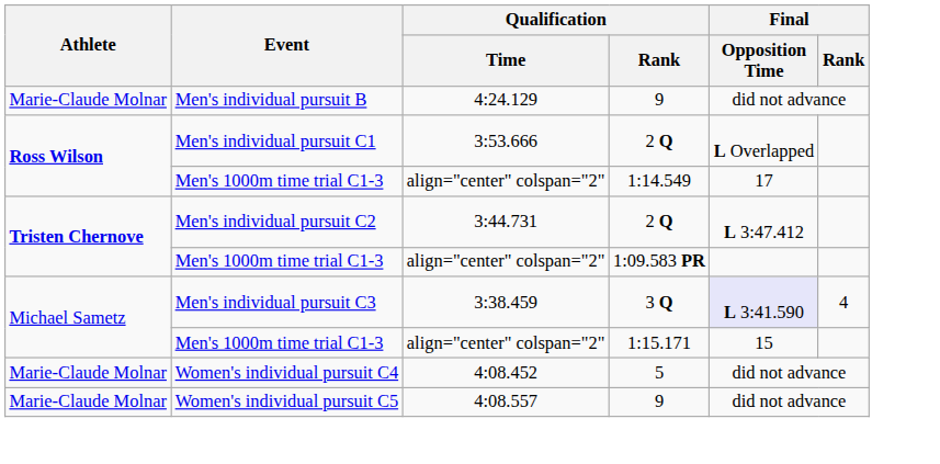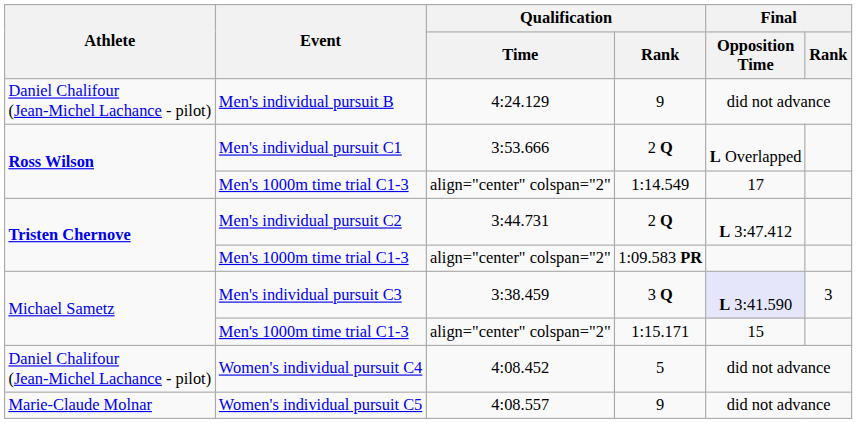 <table class=wikitable style="font-size:90%">
 <tr>
 <th rowspan="2">Athlete</th>
 <th rowspan="2">Event</th>
 <th colspan="2">Qualification</th>
 <th colspan="2">Final</th>
 </tr>
 <tr>
 <th>Time</th>
 <th>Rank</th>
 <th>Opposition<br>Time</th>
 <th>Rank</th>
 </tr>
 <tr>
-<td><a href='#'>Marie-Claude Molnar</a></td>
+<td><a href='#'>Daniel Chalifour</a> <br> (<a href='#'>Jean-Michel Lachance</a> - pilot)</td>
 <td><a href='#'>Men's individual pursuit B</a></td>
 <td align="center">4:24.129</td>
 <td align="center">9</td>
 <td align="center" colspan="2">did not advance</td>
 </tr>
 <tr>
 <td rowspan="2"><strong><a href='#'>Ross Wilson</a></strong></td>
 <td><a href='#'>Men's individual pursuit C1</a></td>
 <td align="center">3:53.666</td>
 <td align="center">2 <strong>Q</strong></td>
 <td align="center"><br><strong>L</strong> Overlapped</td>
 <td align="center"></td>
 </tr>
 <tr>
 <td><a href='#'>Men's 1000m time trial C1-3</a></td>
 <td>align="center" colspan="2" </td>
 <td align="center">1:14.549</td>
 <td align="center">17</td>
 </tr>
 <tr>
 <td rowspan="2"><strong><a href='#'>Tristen Chernove</a></strong></td>
 <td><a href='#'>Men's individual pursuit C2</a></td>
 <td align="center">3:44.731</td>
 <td align="center">2 <strong>Q</strong></td>
 <td align="center"><br><strong>L</strong> 3:47.412</td>
 <td align="center"></td>
 </tr>
 <tr>
 <td><a href='#'>Men's 1000m time trial C1-3</a></td>
 <td>align="center" colspan="2" </td>
 <td align="center">1:09.583 <strong>PR</strong></td>
 <td align="center"></td>
 </tr>
 <tr>
 <td rowspan="2"><a href='#'>Michael Sametz</a></td>
 <td><a href='#'>Men's individual pursuit C3</a></td>
 <td align="center">3:38.459</td>
 <td align="center">3 <strong>Q</strong></td>
 <td align="center" style="background: lavender;"><br><strong>L</strong> 3:41.590</td>
-<td align="center">4</td>
+<td align="center">3</td>
 </tr>
 <tr>
 <td><a href='#'>Men's 1000m time trial C1-3</a></td>
 <td>align="center" colspan="2" </td>
 <td align="center">1:15.171</td>
 <td align="center">15</td>
 </tr>
 <tr>
-<td><a href='#'>Marie-Claude Molnar</a></td>
+<td><a href='#'>Daniel Chalifour</a> <br> (<a href='#'>Jean-Michel Lachance</a> - pilot)</td>
 <td><a href='#'>Women's individual pursuit C4</a></td>
 <td align="center">4:08.452</td>
 <td align="center">5</td>
 <td align="center" colspan="2">did not advance</td>
 </tr>
 <tr>
 <td><a href='#'>Marie-Claude Molnar</a></td>
 <td><a href='#'>Women's individual pursuit C5</a></td>
 <td align="center">4:08.557</td>
 <td align="center">9</td>
 <td align="center" colspan="2">did not advance</td>
 </tr>
 </table>
